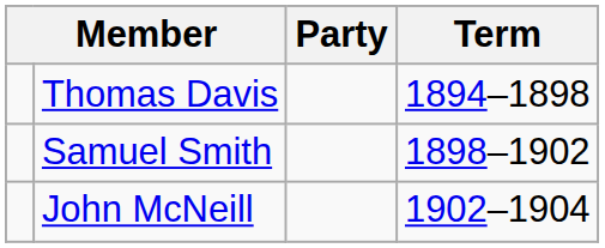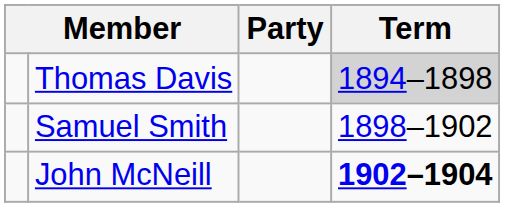 <table class="wikitable">
 <tr>
 <th colspan="2">Member</th>
 <th>Party</th>
 <th>Term</th>
 </tr>
 <tr>
 <td> </td>
 <td><a href='#'>Thomas Davis</a></td>
 <td></td>
-<td><a href='#'>1894</a>–1898</td>
+<td style="background: lightgrey;"><a href='#'>1894</a>–1898</td>
 </tr>
 <tr>
 <td> </td>
 <td><a href='#'>Samuel Smith</a></td>
 <td></td>
 <td><a href='#'>1898</a>–1902</td>
 </tr>
 <tr>
 <td> </td>
 <td><a href='#'>John McNeill</a></td>
 <td></td>
-<td><a href='#'>1902</a>–1904</td>
+<td><strong><a href='#'>1902</a>–1904</strong></td>
 </tr>
 </table>
